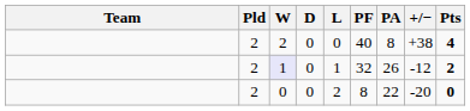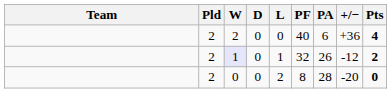 <table class="wikitable" style="text-align:center">
 <tr>
 <th width="230">Team</th>
 <th width="20">Pld</th>
 <th width="20">W</th>
 <th width="20">D</th>
 <th width="20">L</th>
 <th width="20">PF</th>
 <th width="20">PA</th>
 <th width="25">+/−</th>
 <th width="20">Pts</th>
 </tr>
 <tr>
 <td style="text-align:left;"></td>
 <td>2</td>
 <td>2</td>
 <td>0</td>
 <td>0</td>
 <td>40</td>
-<td>8</td>
-<td>+38</td>
+<td>6</td>
+<td>+36</td>
 <td><strong>4</strong></td>
 </tr>
 <tr>
 <td style="text-align:left;"></td>
 <td>2</td>
 <td style="background: lavender;">1</td>
 <td>0</td>
 <td>1</td>
 <td>32</td>
 <td>26</td>
 <td>-12</td>
 <td><strong>2</strong></td>
 </tr>
 <tr>
 <td style="text-align:left;"></td>
 <td>2</td>
 <td>0</td>
 <td>0</td>
 <td>2</td>
 <td>8</td>
-<td>22</td>
+<td>28</td>
 <td>-20</td>
 <td><strong>0</strong></td>
 </tr>
 </table>
